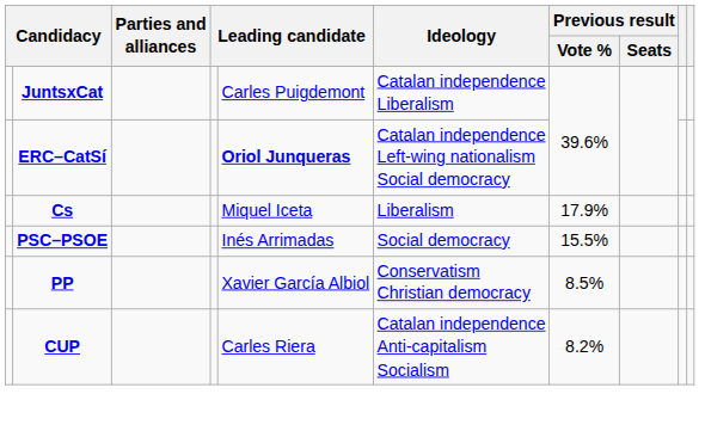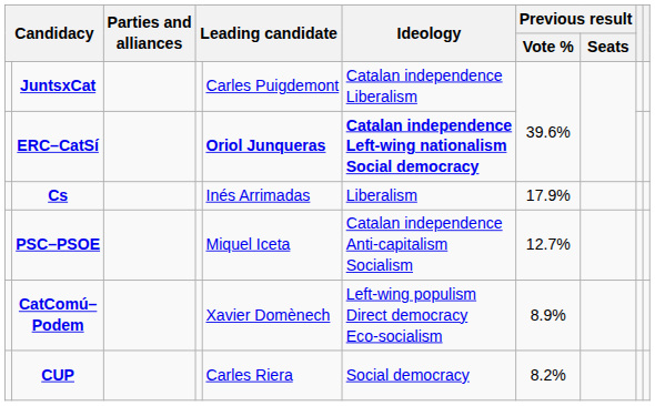 <table class="wikitable" style="line-height:1.35em; text-align:left;">
 <tr>
 <th colspan="2" rowspan="2">Candidacy</th>
 <th rowspan="2">Parties and<br>alliances</th>
 <th colspan="2" rowspan="2">Leading candidate</th>
 <th rowspan="2">Ideology</th>
 <th colspan="2">Previous result</th>
 <th rowspan="2"></th>
 <th rowspan="2"></th>
 </tr>
 <tr>
 <th>Vote %</th>
 <th>Seats</th>
 </tr>
 <tr>
 <td style="color:inherit;background:"></td>
 <td align="center"><strong><a href='#'>JuntsxCat</a></strong></td>
 <td></td>
 <td></td>
 <td><a href='#'>Carles Puigdemont</a></td>
 <td><a href='#'>Catalan independence</a><br><a href='#'>Liberalism</a></td>
 <td rowspan="2" align="center"><br>39.6%<br></td>
 <td rowspan="2"></td>
 <td></td>
 <td><br><br></td>
 </tr>
 <tr>
 <td style="color:inherit;background:"></td>
 <td align="center"><strong><a href='#'>ERC–CatSí</a></strong></td>
 <td></td>
 <td></td>
 <td><strong><a href='#'>Oriol Junqueras</a></strong></td>
-<td><a href='#'>Catalan independence</a><br><a href='#'>Left-wing nationalism</a><br><a href='#'>Social democracy</a></td>
+<td><strong><a href='#'>Catalan independence</a><br><a href='#'>Left-wing nationalism</a><br><a href='#'>Social democracy</a></strong></td>
 <td></td>
 <td></td>
 </tr>
 <tr>
 <td style="color:inherit;background:"></td>
 <td align="center"><strong><a href='#'>Cs</a></strong></td>
 <td></td>
 <td></td>
-<td><a href='#'>Miquel Iceta</a></td>
+<td><a href='#'>Inés Arrimadas</a></td>
 <td><a href='#'>Liberalism</a></td>
 <td align="center">17.9%</td>
 <td></td>
 <td></td>
 <td></td>
 </tr>
 <tr>
 <td style="color:inherit;background:"></td>
 <td align="center"><strong><a href='#'>PSC–PSOE</a></strong></td>
 <td></td>
 <td></td>
-<td><a href='#'>Inés Arrimadas</a></td>
-<td><a href='#'>Social democracy</a></td>
-<td align="center">15.5%</td>
+<td><a href='#'>Miquel Iceta</a></td>
+<td><a href='#'>Catalan independence</a><br><a href='#'>Anti-capitalism</a><br><a href='#'>Socialism</a></td>
+<td align="center">12.7%</td>
 <td></td>
 <td></td>
 <td><br></td>
 </tr>
 <tr>
 <td style="color:inherit;background:"></td>
-<td align="center"><strong><a href='#'>PP</a></strong></td>
+<td align="center"><strong><a href='#'>CatComú–<br>Podem</a></strong></td>
 <td></td>
 <td></td>
-<td><a href='#'>Xavier García Albiol</a></td>
-<td><a href='#'>Conservatism</a><br><a href='#'>Christian democracy</a></td>
-<td align="center">8.5%</td>
+<td><a href='#'>Xavier Domènech</a></td>
+<td><a href='#'>Left-wing populism</a><br><a href='#'>Direct democracy</a><br><a href='#'>Eco-socialism</a></td>
+<td align="center">8.9%</td>
 <td></td>
 <td></td>
-<td></td>
+<td><br><br></td>
 </tr>
 <tr>
 <td style="color:inherit;background:"></td>
 <td align="center"><strong><a href='#'>CUP</a></strong></td>
 <td></td>
 <td></td>
 <td><a href='#'>Carles Riera</a></td>
-<td><a href='#'>Catalan independence</a><br><a href='#'>Anti-capitalism</a><br><a href='#'>Socialism</a></td>
+<td><a href='#'>Social democracy</a></td>
 <td align="center">8.2%</td>
 <td></td>
 <td></td>
 <td><br><br></td>
 </tr>
 </table>
